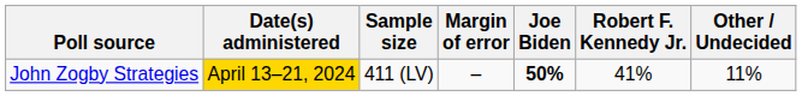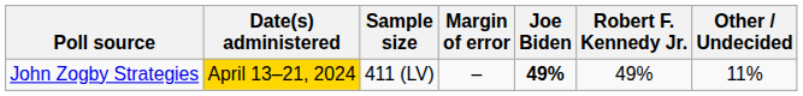 <table class="wikitable sortable mw-datatable" style="font-size:90%;text-align:center;line-height:17px">
 <tr style="vertical-align:bottom">
 <th>Poll source</th>
 <th>Date(s)<br>administered</th>
 <th>Sample<br>size</th>
 <th>Margin<br>of error</th>
 <th class="unsortable">Joe<br>Biden<br></th>
 <th class="unsortable">Robert F.<br>Kennedy Jr.<br></th>
 <th class="unsortable">Other /<br>Undecided</th>
 </tr>
 <tr>
 <td style="text-align:left;"><a href='#'>John Zogby Strategies</a></td>
 <td data-sort-value="2024-05-01" style="background: gold;">April 13–21, 2024</td>
 <td>411 (LV)</td>
 <td>–</td>
-<td style="color:black;background-color:"><strong>50%</strong></td>
-<td>41%</td>
+<td style="color:black;background-color:"><strong>49%</strong></td>
+<td>49%</td>
 <td>11%</td>
 </tr>
 </table>
